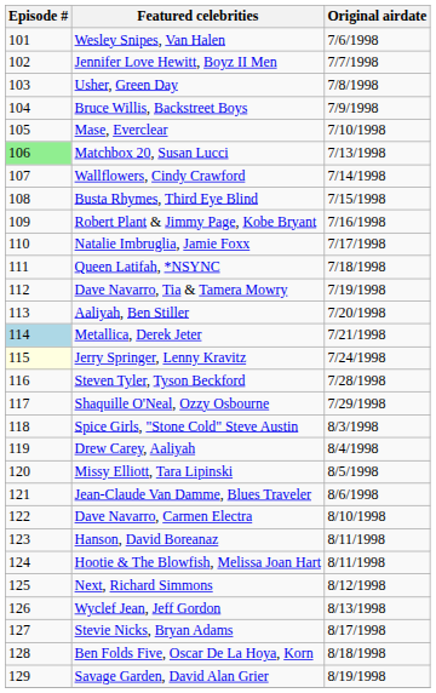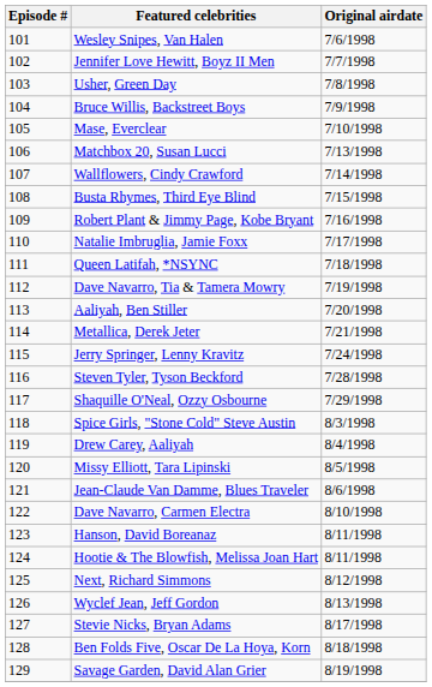 <table class="wikitable">
 <tr>
 <th>Episode #</th>
 <th>Featured celebrities</th>
 <th>Original airdate</th>
 </tr>
 <tr>
 <td>101</td>
 <td><a href='#'>Wesley Snipes</a>, <a href='#'>Van Halen</a></td>
 <td>7/6/1998</td>
 </tr>
 <tr>
 <td>102</td>
 <td><a href='#'>Jennifer Love Hewitt</a>, <a href='#'>Boyz II Men</a></td>
 <td>7/7/1998</td>
 </tr>
 <tr>
 <td>103</td>
 <td><a href='#'>Usher</a>, <a href='#'>Green Day</a></td>
 <td>7/8/1998</td>
 </tr>
 <tr>
 <td>104</td>
 <td><a href='#'>Bruce Willis</a>, <a href='#'>Backstreet Boys</a></td>
 <td>7/9/1998</td>
 </tr>
 <tr>
 <td>105</td>
 <td><a href='#'>Mase</a>, <a href='#'>Everclear</a></td>
 <td>7/10/1998</td>
 </tr>
 <tr>
-<td style="background: lightgreen;">106</td>
+<td>106</td>
 <td><a href='#'>Matchbox 20</a>, <a href='#'>Susan Lucci</a></td>
 <td>7/13/1998</td>
 </tr>
 <tr>
 <td>107</td>
 <td><a href='#'>Wallflowers</a>, <a href='#'>Cindy Crawford</a></td>
 <td>7/14/1998</td>
 </tr>
 <tr>
 <td>108</td>
 <td><a href='#'>Busta Rhymes</a>, <a href='#'>Third Eye Blind</a></td>
 <td>7/15/1998</td>
 </tr>
 <tr>
 <td>109</td>
 <td><a href='#'>Robert Plant</a> & <a href='#'>Jimmy Page</a>, <a href='#'>Kobe Bryant</a></td>
 <td>7/16/1998</td>
 </tr>
 <tr>
 <td>110</td>
 <td><a href='#'>Natalie Imbruglia</a>, <a href='#'>Jamie Foxx</a></td>
 <td>7/17/1998</td>
 </tr>
 <tr>
 <td>111</td>
 <td><a href='#'>Queen Latifah</a>, <a href='#'>*NSYNC</a></td>
 <td>7/18/1998</td>
 </tr>
 <tr>
 <td>112</td>
 <td><a href='#'>Dave Navarro</a>, <a href='#'>Tia</a> & <a href='#'>Tamera Mowry</a></td>
 <td>7/19/1998</td>
 </tr>
 <tr>
 <td>113</td>
 <td><a href='#'>Aaliyah</a>, <a href='#'>Ben Stiller</a></td>
 <td>7/20/1998</td>
 </tr>
 <tr>
-<td style="background: lightblue;">114</td>
+<td>114</td>
 <td><a href='#'>Metallica</a>, <a href='#'>Derek Jeter</a></td>
 <td>7/21/1998</td>
 </tr>
 <tr>
-<td style="background: lightyellow;">115</td>
+<td>115</td>
 <td><a href='#'>Jerry Springer</a>, <a href='#'>Lenny Kravitz</a></td>
 <td>7/24/1998</td>
 </tr>
 <tr>
 <td>116</td>
 <td><a href='#'>Steven Tyler</a>, <a href='#'>Tyson Beckford</a></td>
 <td>7/28/1998</td>
 </tr>
 <tr>
 <td>117</td>
 <td><a href='#'>Shaquille O'Neal</a>, <a href='#'>Ozzy Osbourne</a></td>
 <td>7/29/1998</td>
 </tr>
 <tr>
 <td>118</td>
 <td><a href='#'>Spice Girls</a>, <a href='#'>"Stone Cold" Steve Austin</a></td>
 <td>8/3/1998</td>
 </tr>
 <tr>
 <td>119</td>
 <td><a href='#'>Drew Carey</a>, <a href='#'>Aaliyah</a></td>
 <td>8/4/1998</td>
 </tr>
 <tr>
 <td>120</td>
 <td><a href='#'>Missy Elliott</a>, <a href='#'>Tara Lipinski</a></td>
 <td>8/5/1998</td>
 </tr>
 <tr>
 <td>121</td>
 <td><a href='#'>Jean-Claude Van Damme</a>, <a href='#'>Blues Traveler</a></td>
 <td>8/6/1998</td>
 </tr>
 <tr>
 <td>122</td>
 <td><a href='#'>Dave Navarro</a>, <a href='#'>Carmen Electra</a></td>
 <td>8/10/1998</td>
 </tr>
 <tr>
 <td>123</td>
 <td><a href='#'>Hanson</a>, <a href='#'>David Boreanaz</a></td>
 <td>8/11/1998</td>
 </tr>
 <tr>
 <td>124</td>
 <td><a href='#'>Hootie & The Blowfish</a>, <a href='#'>Melissa Joan Hart</a></td>
 <td>8/11/1998</td>
 </tr>
 <tr>
 <td>125</td>
 <td><a href='#'>Next</a>, <a href='#'>Richard Simmons</a></td>
 <td>8/12/1998</td>
 </tr>
 <tr>
 <td>126</td>
 <td><a href='#'>Wyclef Jean</a>, <a href='#'>Jeff Gordon</a></td>
 <td>8/13/1998</td>
 </tr>
 <tr>
 <td>127</td>
 <td><a href='#'>Stevie Nicks</a>, <a href='#'>Bryan Adams</a></td>
 <td>8/17/1998</td>
 </tr>
 <tr>
 <td>128</td>
 <td><a href='#'>Ben Folds Five</a>, <a href='#'>Oscar De La Hoya</a>, <a href='#'>Korn</a></td>
 <td>8/18/1998</td>
 </tr>
 <tr>
 <td>129</td>
 <td><a href='#'>Savage Garden</a>, <a href='#'>David Alan Grier</a></td>
 <td>8/19/1998</td>
 </tr>
 <tr>
 </tr>
 </table>
